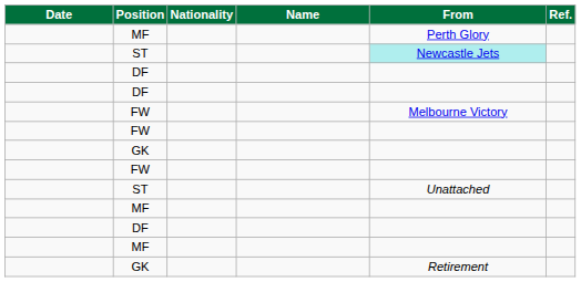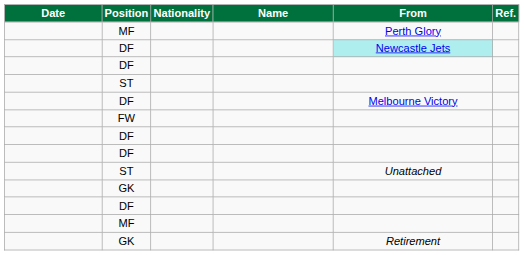 <table class="wikitable"  style="text-align:center; font-size:90%; ">
 <tr>
 <th style="background:#00703C; color:#FFFFFF; width:120px;">Date</th>
 <th style="background:#00703C; color:#FFFFFF; width:50px;">Position</th>
 <th style="background:#00703C; color:#FFFFFF; width:50px;">Nationality</th>
 <th style="background:#00703C; color:#FFFFFF; width:150px;">Name</th>
 <th style="background:#00703C; color:#FFFFFF; width:200px;">From</th>
 <th style="background:#00703C; color:#FFFFFF; width:25px;">Ref.</th>
 </tr>
 <tr>
 <td></td>
 <td>MF</td>
 <td></td>
 <td></td>
 <td><a href='#'>Perth Glory</a></td>
 <td></td>
 </tr>
 <tr>
 <td></td>
+<td>DF</td>
+<td></td>
+<td></td>
+<td style="background: paleturquoise;"><a href='#'>Newcastle Jets</a></td>
+<td></td>
+</tr>
+<tr>
+<td></td>
+<td>DF</td>
+<td></td>
+<td></td>
+<td></td>
+<td></td>
+</tr>
+<tr>
+<td></td>
 <td>ST</td>
 <td></td>
 <td></td>
-<td style="background: paleturquoise;"><a href='#'>Newcastle Jets</a></td>
+<td></td>
+<td></td>
+</tr>
+<tr>
+<td></td>
+<td>DF</td>
+<td></td>
+<td></td>
+<td><a href='#'>Melbourne Victory</a></td>
+<td></td>
+</tr>
+<tr>
+<td></td>
+<td>FW</td>
+<td></td>
+<td></td>
+<td></td>
 <td></td>
 </tr>
 <tr>
 <td></td>
 <td>DF</td>
 <td></td>
 <td></td>
 <td></td>
 <td></td>
 </tr>
 <tr>
 <td></td>
 <td>DF</td>
 <td></td>
 <td></td>
 <td></td>
 <td></td>
 </tr>
 <tr>
 <td></td>
-<td>FW</td>
-<td></td>
-<td></td>
-<td><a href='#'>Melbourne Victory</a></td>
-<td></td>
-</tr>
-<tr>
-<td></td>
-<td>FW</td>
-<td></td>
-<td></td>
-<td></td>
-<td></td>
-</tr>
-<tr>
-<td></td>
-<td>GK</td>
-<td></td>
-<td></td>
-<td></td>
-<td></td>
-</tr>
-<tr>
-<td></td>
-<td>FW</td>
-<td></td>
-<td></td>
-<td></td>
-<td></td>
-</tr>
-<tr>
-<td></td>
 <td>ST</td>
 <td></td>
 <td></td>
 <td><em>Unattached</em></td>
 <td></td>
 </tr>
 <tr>
 <td></td>
-<td>MF</td>
+<td>GK</td>
 <td></td>
 <td></td>
 <td></td>
 <td></td>
 </tr>
 <tr>
 <td></td>
 <td>DF</td>
 <td></td>
 <td></td>
 <td></td>
 <td></td>
 </tr>
 <tr>
 <td></td>
 <td>MF</td>
 <td></td>
 <td></td>
 <td></td>
 <td></td>
 </tr>
 <tr>
 <td></td>
 <td>GK</td>
 <td></td>
 <td></td>
 <td><em>Retirement</em></td>
 <td></td>
 </tr>
 </table>
